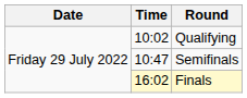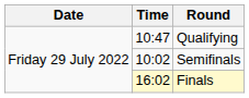 <table class="wikitable">
 <tr>
 <th>Date</th>
 <th>Time</th>
 <th>Round</th>
 </tr>
 <tr>
 <td rowspan=3>Friday 29 July 2022</td>
-<td>10:02</td>
+<td>10:47</td>
 <td>Qualifying</td>
 </tr>
 <tr>
-<td>10:47</td>
+<td>10:02</td>
 <td>Semifinals</td>
 </tr>
 <tr>
 <td style=background:lemonchiffon>16:02</td>
 <td style=background:lemonchiffon>Finals</td>
 </tr>
 </table>
